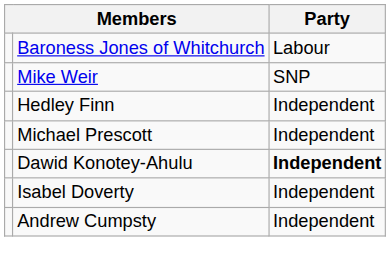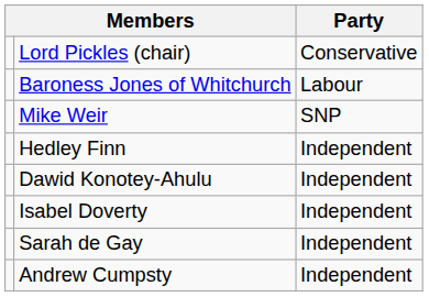 <table class="wikitable">
 <tr>
 <th colspan="2">Members</th>
 <th>Party</th>
+</tr>
+<tr>
+<td style="color:inherit;background:"></td>
+<td><a href='#'>Lord Pickles</a> (chair)</td>
+<td>Conservative</td>
 </tr>
 <tr>
 <td style="color:inherit;background:"></td>
 <td><a href='#'>Baroness Jones of Whitchurch</a></td>
 <td>Labour</td>
 </tr>
 <tr>
 <td style="color:inherit;background:"></td>
 <td><a href='#'>Mike Weir</a></td>
 <td>SNP</td>
 </tr>
 <tr>
 <td></td>
 <td>Hedley Finn</td>
 <td>Independent</td>
 </tr>
 <tr>
 <td></td>
-<td>Michael Prescott</td>
+<td>Dawid Konotey-Ahulu</td>
 <td>Independent</td>
-</tr>
-<tr>
-<td></td>
-<td>Dawid Konotey-Ahulu</td>
-<td><strong>Independent</strong></td>
 </tr>
 <tr>
 <td></td>
 <td>Isabel Doverty</td>
 <td>Independent</td>
 </tr>
 <tr>
 <td></td>
+<td>Sarah de Gay</td>
+<td>Independent</td>
+</tr>
+<tr>
+<td></td>
 <td>Andrew Cumpsty</td>
 <td>Independent</td>
 </tr>
 </table>
